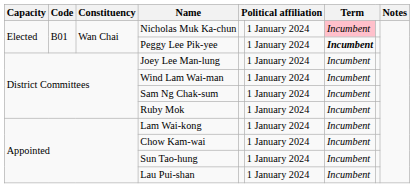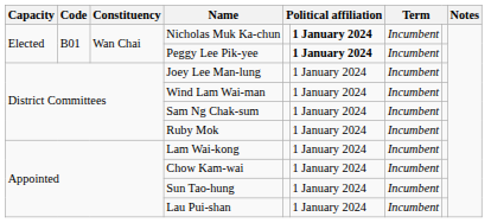 <table class="wikitable sortable">
 <tr>
 <th>Capacity</th>
 <th>Code</th>
 <th>Constituency</th>
 <th>Name</th>
 <th colspan="2">Political affiliation</th>
 <th colspan="2">Term</th>
 <th class="unsortable">Notes</th>
 </tr>
 <tr>
 <td rowspan="2">Elected</td>
 <td rowspan="2">B01</td>
 <td rowspan="2">Wan Chai</td>
 <td>Nicholas Muk Ka-chun</td>
 <td></td>
-<td>1 January 2024</td>
-<td style="background: pink;"><em>Incumbent</em></td>
+<td><strong>1 January 2024</strong></td>
+<td><em>Incumbent</em></td>
 <td></td>
 </tr>
 <tr>
 <td>Peggy Lee Pik-yee</td>
 <td></td>
-<td>1 January 2024</td>
-<td><strong><em>Incumbent</em></strong></td>
+<td><strong>1 January 2024</strong></td>
+<td><em>Incumbent</em></td>
 <td></td>
 </tr>
 <tr>
 <td colspan="3" rowspan="4">District Committees</td>
 <td>Joey Lee Man-lung</td>
 <td></td>
 <td>1 January 2024</td>
 <td><em>Incumbent</em></td>
 <td></td>
 </tr>
 <tr>
 <td>Wind Lam Wai-man</td>
 <td></td>
 <td>1 January 2024</td>
 <td><em>Incumbent</em></td>
 <td></td>
 </tr>
 <tr>
 <td>Sam Ng Chak-sum</td>
 <td></td>
 <td>1 January 2024</td>
 <td><em>Incumbent</em></td>
 <td></td>
 </tr>
 <tr>
 <td>Ruby Mok</td>
 <td></td>
 <td>1 January 2024</td>
 <td><em>Incumbent</em></td>
 <td></td>
 </tr>
 <tr>
 <td colspan="3" rowspan="4">Appointed</td>
 <td>Lam Wai-kong</td>
 <td></td>
 <td>1 January 2024</td>
 <td><em>Incumbent</em></td>
 <td></td>
 </tr>
 <tr>
 <td>Chow Kam-wai</td>
 <td></td>
 <td>1 January 2024</td>
 <td><em>Incumbent</em></td>
 <td></td>
 </tr>
 <tr>
 <td>Sun Tao-hung</td>
 <td></td>
 <td>1 January 2024</td>
 <td><em>Incumbent</em></td>
 <td></td>
 </tr>
 <tr>
 <td>Lau Pui-shan</td>
 <td></td>
 <td>1 January 2024</td>
 <td><em>Incumbent</em></td>
 <td></td>
 </tr>
 </table>
